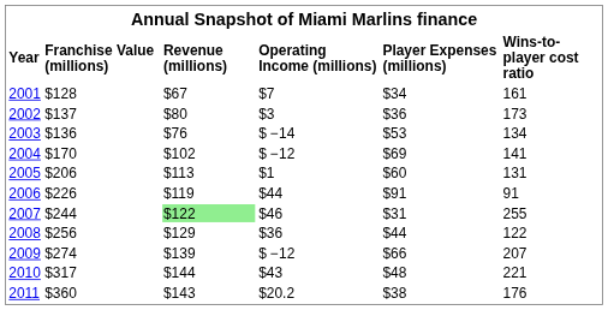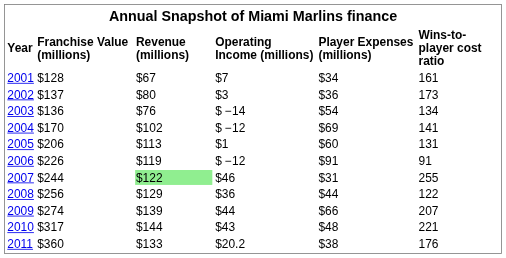 <table cellpadding="1" style="width:600px; font-size:90%; border:1px solid gray">
 <tr style="text-align:center; font-size:larger;">
 <td colspan=7><strong>Annual Snapshot of Miami Marlins finance</strong></td>
 </tr>
 <tr style="background:#FFFFFF;color:#000000;">
 <td><strong>Year</strong></td>
 <td><strong>Franchise Value (millions)</strong></td>
 <td><strong>Revenue (millions)</strong></td>
 <td><strong>Operating Income (millions)</strong></td>
 <td><strong>Player Expenses (millions)</strong></td>
 <td><strong>Wins-to-player cost ratio</strong></td>
 </tr>
 <tr>
 <td><a href='#'>2001</a></td>
 <td>$128</td>
 <td>$67</td>
 <td>$7</td>
 <td>$34</td>
 <td>161</td>
 </tr>
 <tr>
 <td><a href='#'>2002</a></td>
 <td>$137</td>
 <td>$80</td>
 <td>$3</td>
 <td>$36</td>
 <td>173</td>
 </tr>
 <tr>
 <td><a href='#'>2003</a></td>
 <td>$136</td>
 <td>$76</td>
 <td>$ −14</td>
-<td>$53</td>
+<td>$54</td>
 <td>134</td>
 </tr>
 <tr>
 <td><a href='#'>2004</a></td>
 <td>$170</td>
 <td>$102</td>
 <td>$ −12</td>
 <td>$69</td>
 <td>141</td>
 </tr>
 <tr>
 <td><a href='#'>2005</a></td>
 <td>$206</td>
 <td>$113</td>
 <td>$1</td>
 <td>$60</td>
 <td>131</td>
 </tr>
 <tr>
 <td><a href='#'>2006</a></td>
 <td>$226</td>
 <td>$119</td>
-<td>$44</td>
+<td>$ −12</td>
 <td>$91</td>
 <td>91</td>
 </tr>
 <tr>
 <td><a href='#'>2007</a></td>
 <td>$244</td>
 <td style="background: lightgreen;">$122</td>
 <td>$46</td>
 <td>$31</td>
 <td>255</td>
 </tr>
 <tr>
 <td><a href='#'>2008</a></td>
 <td>$256</td>
 <td>$129</td>
 <td>$36</td>
 <td>$44</td>
 <td>122</td>
 </tr>
 <tr>
 <td><a href='#'>2009</a></td>
 <td>$274</td>
 <td>$139</td>
-<td>$ −12</td>
+<td>$44</td>
 <td>$66</td>
 <td>207</td>
 </tr>
 <tr>
 <td><a href='#'>2010</a></td>
 <td>$317</td>
 <td>$144</td>
 <td>$43</td>
 <td>$48</td>
 <td>221</td>
 </tr>
 <tr>
 <td><a href='#'>2011</a></td>
 <td>$360</td>
-<td>$143</td>
+<td>$133</td>
 <td>$20.2</td>
 <td>$38</td>
 <td>176</td>
 </tr>
 </table>
